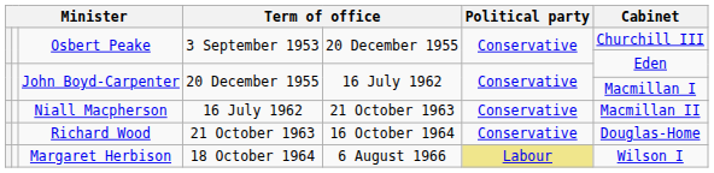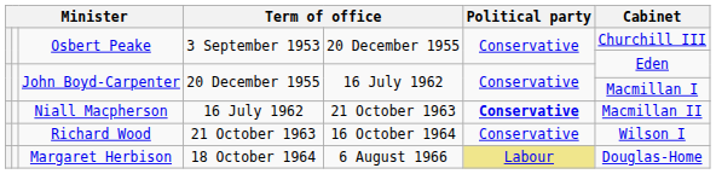 <table class="wikitable" style="text-align:center">
 <tr>
 <th colspan=3>Minister</th>
 <th colspan=2>Term of office</th>
 <th>Political party</th>
 <th>Cabinet</th>
 </tr>
 <tr style="height:1em">
 <th rowspan=2 style="background-color:"></th>
 <td rowspan=2></td>
 <td rowspan=2><a href='#'>Osbert Peake</a></td>
 <td rowspan=2>3 September 1953</td>
 <td rowspan=2>20 December 1955</td>
 <td rowspan=2  ><a href='#'>Conservative</a></td>
 <td><a href='#'>Churchill III</a></td>
 </tr>
 <tr style="height:1em">
 <td rowspan="2" ><a href='#'>Eden</a></td>
 </tr>
 <tr style="height:1em">
 <th rowspan="3" style="background-color:"></th>
 <td rowspan="3"></td>
 <td rowspan="3"><a href='#'>John Boyd-Carpenter</a></td>
 <td rowspan="3">20 December 1955</td>
 <td rowspan="3">16 July 1962</td>
 <td rowspan="3" ><a href='#'>Conservative</a></td>
 </tr>
 <tr style="height:1em">
 <td><a href='#'>Macmillan I</a></td>
 </tr>
 <tr>
 <td rowspan="2" ><a href='#'>Macmillan II</a></td>
 </tr>
 <tr style="height:1em">
 <th style="background-color:"></th>
 <td></td>
 <td><a href='#'>Niall Macpherson</a></td>
 <td>16 July 1962</td>
 <td>21 October 1963</td>
-<td><a href='#'>Conservative</a></td>
+<td><strong><a href='#'>Conservative</a></strong></td>
 </tr>
 <tr style="height:1em">
 <th style="background-color:"></th>
 <td></td>
 <td><a href='#'>Richard Wood</a></td>
 <td>21 October 1963</td>
 <td>16 October 1964</td>
 <td><a href='#'>Conservative</a></td>
-<td><a href='#'>Douglas-Home</a></td>
+<td><a href='#'>Wilson I</a></td>
 </tr>
 <tr style="height:1em">
 <th style="background-color:"></th>
 <td></td>
 <td><a href='#'>Margaret Herbison</a></td>
 <td>18 October 1964</td>
 <td>6 August 1966</td>
 <td style="background: khaki;"><a href='#'>Labour</a></td>
-<td><a href='#'>Wilson I</a></td>
+<td><a href='#'>Douglas-Home</a></td>
 </tr>
 </table>
